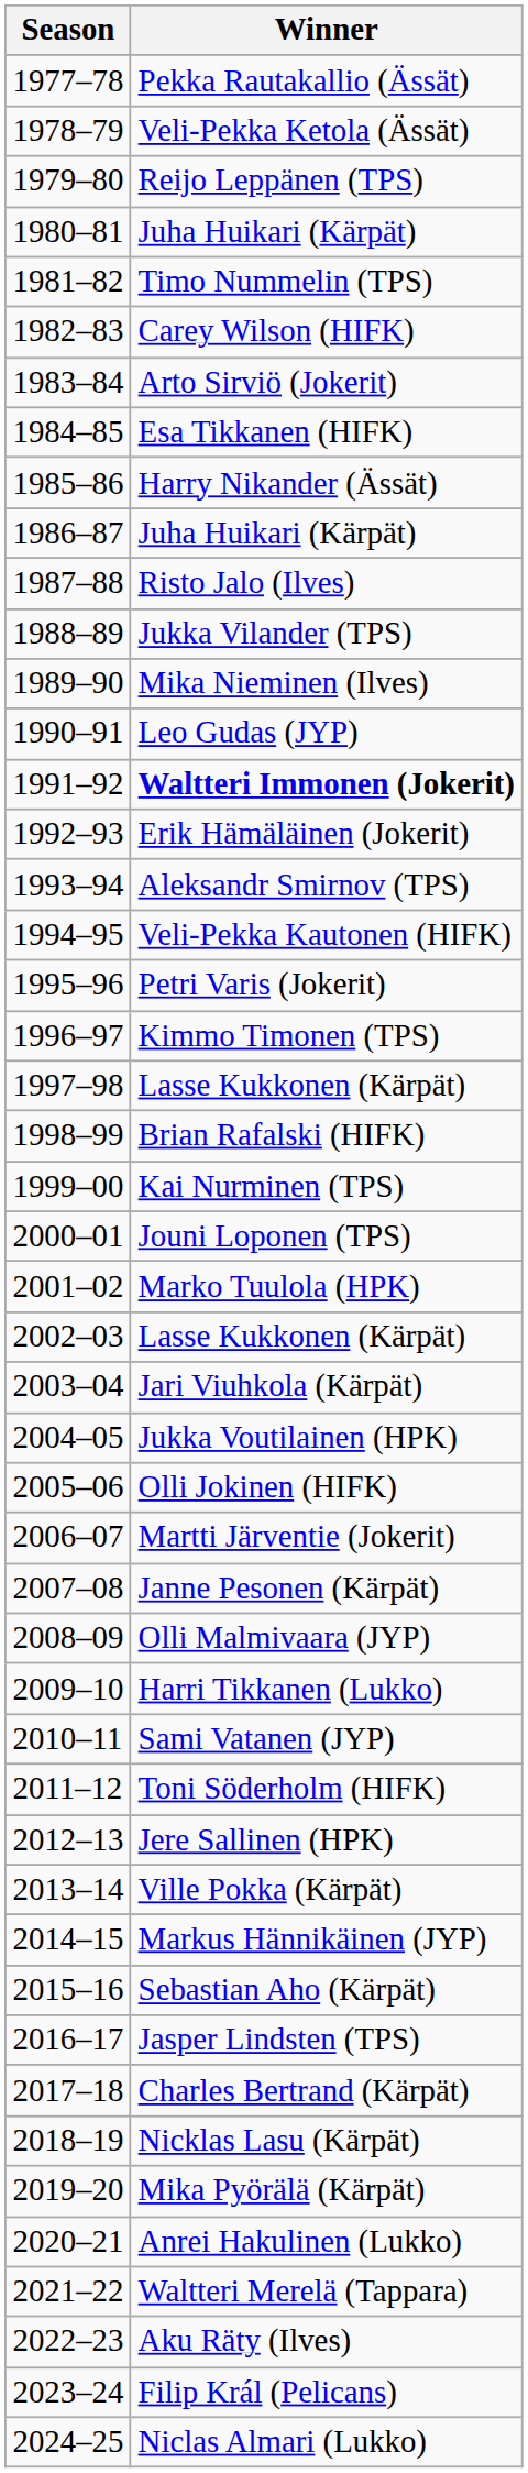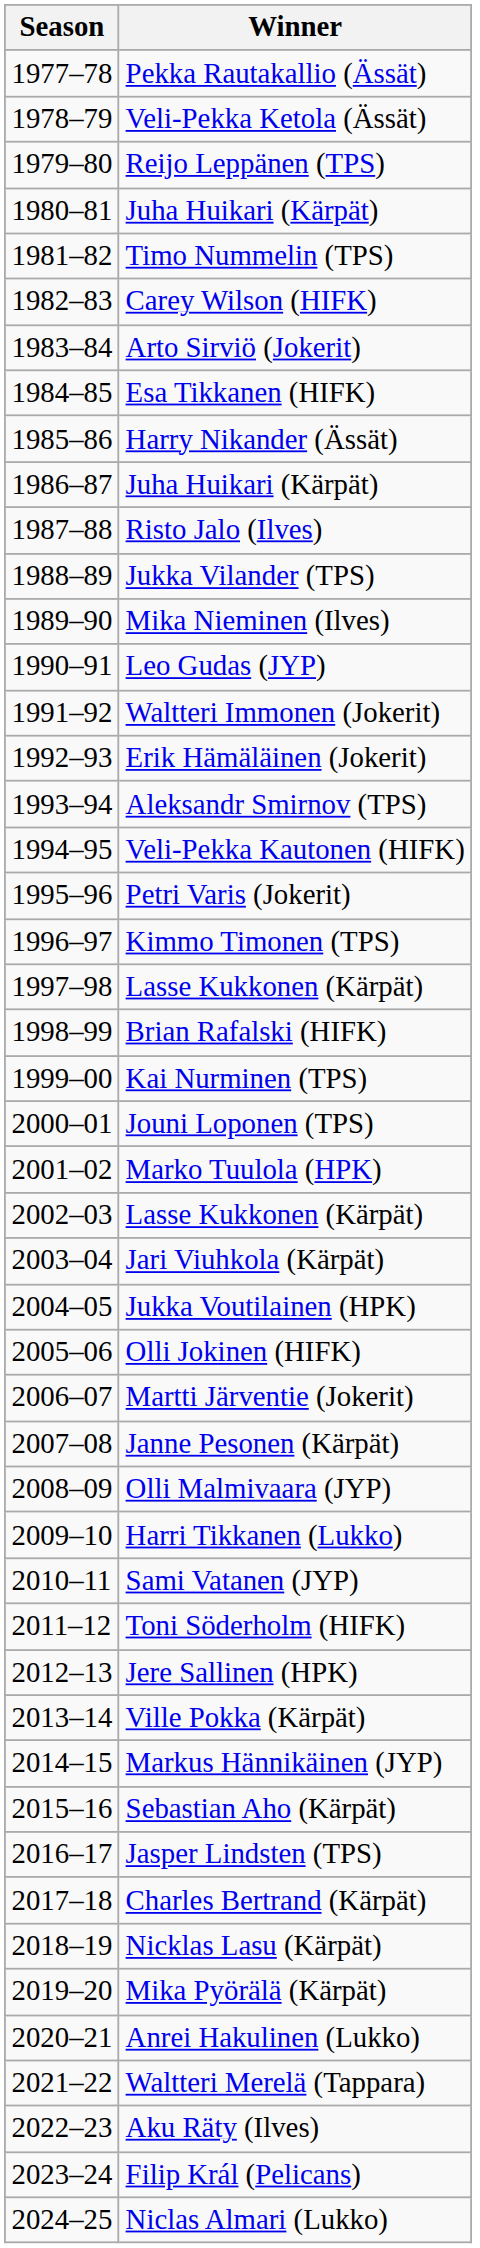 <table class="wikitable sortable">
 <tr>
 <th>Season</th>
 <th>Winner</th>
 </tr>
 <tr>
 <td>1977–78</td>
 <td><a href='#'>Pekka Rautakallio</a> (<a href='#'>Ässät</a>)</td>
 </tr>
 <tr>
 <td>1978–79</td>
 <td><a href='#'>Veli-Pekka Ketola</a> (Ässät)</td>
 </tr>
 <tr>
 <td>1979–80</td>
 <td><a href='#'>Reijo Leppänen</a> (<a href='#'>TPS</a>)</td>
 </tr>
 <tr>
 <td>1980–81</td>
 <td><a href='#'>Juha Huikari</a> (<a href='#'>Kärpät</a>)</td>
 </tr>
 <tr>
 <td>1981–82</td>
 <td><a href='#'>Timo Nummelin</a> (TPS)</td>
 </tr>
 <tr>
 <td>1982–83</td>
 <td><a href='#'>Carey Wilson</a> (<a href='#'>HIFK</a>)</td>
 </tr>
 <tr>
 <td>1983–84</td>
 <td><a href='#'>Arto Sirviö</a> (<a href='#'>Jokerit</a>)</td>
 </tr>
 <tr>
 <td>1984–85</td>
 <td><a href='#'>Esa Tikkanen</a> (HIFK)</td>
 </tr>
 <tr>
 <td>1985–86</td>
 <td><a href='#'>Harry Nikander</a> (Ässät)</td>
 </tr>
 <tr>
 <td>1986–87</td>
 <td><a href='#'>Juha Huikari</a> (Kärpät)</td>
 </tr>
 <tr>
 <td>1987–88</td>
 <td><a href='#'>Risto Jalo</a> (<a href='#'>Ilves</a>)</td>
 </tr>
 <tr>
 <td>1988–89</td>
 <td><a href='#'>Jukka Vilander</a> (TPS)</td>
 </tr>
 <tr>
 <td>1989–90</td>
 <td><a href='#'>Mika Nieminen</a> (Ilves)</td>
 </tr>
 <tr>
 <td>1990–91</td>
 <td><a href='#'>Leo Gudas</a> (<a href='#'>JYP</a>)</td>
 </tr>
 <tr>
 <td>1991–92</td>
-<td><strong><a href='#'>Waltteri Immonen</a> (Jokerit)</strong></td>
+<td><a href='#'>Waltteri Immonen</a> (Jokerit)</td>
 </tr>
 <tr>
 <td>1992–93</td>
 <td><a href='#'>Erik Hämäläinen</a> (Jokerit)</td>
 </tr>
 <tr>
 <td>1993–94</td>
 <td><a href='#'>Aleksandr Smirnov</a> (TPS)</td>
 </tr>
 <tr>
 <td>1994–95</td>
 <td><a href='#'>Veli-Pekka Kautonen</a> (HIFK)</td>
 </tr>
 <tr>
 <td>1995–96</td>
 <td><a href='#'>Petri Varis</a> (Jokerit)</td>
 </tr>
 <tr>
 <td>1996–97</td>
 <td><a href='#'>Kimmo Timonen</a> (TPS)</td>
 </tr>
 <tr>
 <td>1997–98</td>
 <td><a href='#'>Lasse Kukkonen</a> (Kärpät)</td>
 </tr>
 <tr>
 <td>1998–99</td>
 <td><a href='#'>Brian Rafalski</a> (HIFK)</td>
 </tr>
 <tr>
 <td>1999–00</td>
 <td><a href='#'>Kai Nurminen</a> (TPS)</td>
 </tr>
 <tr>
 <td>2000–01</td>
 <td><a href='#'>Jouni Loponen</a> (TPS)</td>
 </tr>
 <tr>
 <td>2001–02</td>
 <td><a href='#'>Marko Tuulola</a> (<a href='#'>HPK</a>)</td>
 </tr>
 <tr>
 <td>2002–03</td>
 <td><a href='#'>Lasse Kukkonen</a> (Kärpät)</td>
 </tr>
 <tr>
 <td>2003–04</td>
 <td><a href='#'>Jari Viuhkola</a> (Kärpät)</td>
 </tr>
 <tr>
 <td>2004–05</td>
 <td><a href='#'>Jukka Voutilainen</a> (HPK)</td>
 </tr>
 <tr>
 <td>2005–06</td>
 <td><a href='#'>Olli Jokinen</a> (HIFK)</td>
 </tr>
 <tr>
 <td>2006–07</td>
 <td><a href='#'>Martti Järventie</a> (Jokerit)</td>
 </tr>
 <tr>
 <td>2007–08</td>
 <td><a href='#'>Janne Pesonen</a> (Kärpät)</td>
 </tr>
 <tr>
 <td>2008–09</td>
 <td><a href='#'>Olli Malmivaara</a> (JYP)</td>
 </tr>
 <tr>
 <td>2009–10</td>
 <td><a href='#'>Harri Tikkanen</a> (<a href='#'>Lukko</a>)</td>
 </tr>
 <tr>
 <td>2010–11</td>
 <td><a href='#'>Sami Vatanen</a> (JYP)</td>
 </tr>
 <tr>
 <td>2011–12</td>
 <td><a href='#'>Toni Söderholm</a> (HIFK)</td>
 </tr>
 <tr>
 <td>2012–13</td>
 <td><a href='#'>Jere Sallinen</a> (HPK)</td>
 </tr>
 <tr>
 <td>2013–14</td>
 <td><a href='#'>Ville Pokka</a> (Kärpät)</td>
 </tr>
 <tr>
 <td>2014–15</td>
 <td><a href='#'>Markus Hännikäinen</a> (JYP)</td>
 </tr>
 <tr>
 <td>2015–16</td>
 <td><a href='#'>Sebastian Aho</a> (Kärpät)</td>
 </tr>
 <tr>
 <td>2016–17</td>
 <td><a href='#'>Jasper Lindsten</a> (TPS)</td>
 </tr>
 <tr>
 <td>2017–18</td>
 <td><a href='#'>Charles Bertrand</a> (Kärpät)</td>
 </tr>
 <tr>
 <td>2018–19</td>
 <td><a href='#'>Nicklas Lasu</a> (Kärpät)</td>
 </tr>
 <tr>
 <td>2019–20</td>
 <td><a href='#'>Mika Pyörälä</a> (Kärpät)</td>
 </tr>
 <tr>
 <td>2020–21</td>
 <td><a href='#'>Anrei Hakulinen</a> (Lukko)</td>
 </tr>
 <tr>
 <td>2021–22</td>
 <td><a href='#'>Waltteri Merelä</a> (Tappara)</td>
 </tr>
 <tr>
 <td>2022–23</td>
 <td><a href='#'>Aku Räty</a> (Ilves)</td>
 </tr>
 <tr>
 <td>2023–24</td>
 <td><a href='#'>Filip Král</a> (<a href='#'>Pelicans</a>)</td>
 </tr>
 <tr>
 <td>2024–25</td>
 <td><a href='#'>Niclas Almari</a> (Lukko)</td>
 </tr>
 </table>
